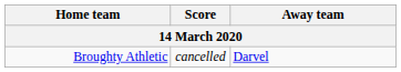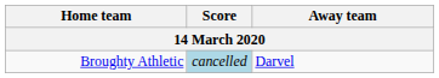 <table class="wikitable" style="border-collapse: collapse;">
 <tr>
 <th width="195" align="right">Home team</th>
 <th width="65" align="center">Score</th>
 <th width="195" align="left">Away team</th>
 </tr>
 <tr>
 <th colspan="3" align="center">14 March 2020</th>
 </tr>
 <tr>
 <td style="text-align:right;"><a href='#'>Broughty Athletic</a></td>
-<td style="text-align:center;"><em>cancelled</em></td>
+<td style="background: lightblue; text-align:center;"><em>cancelled</em></td>
 <td style="text-align:left;"><a href='#'>Darvel</a></td>
 </tr>
 </table>
